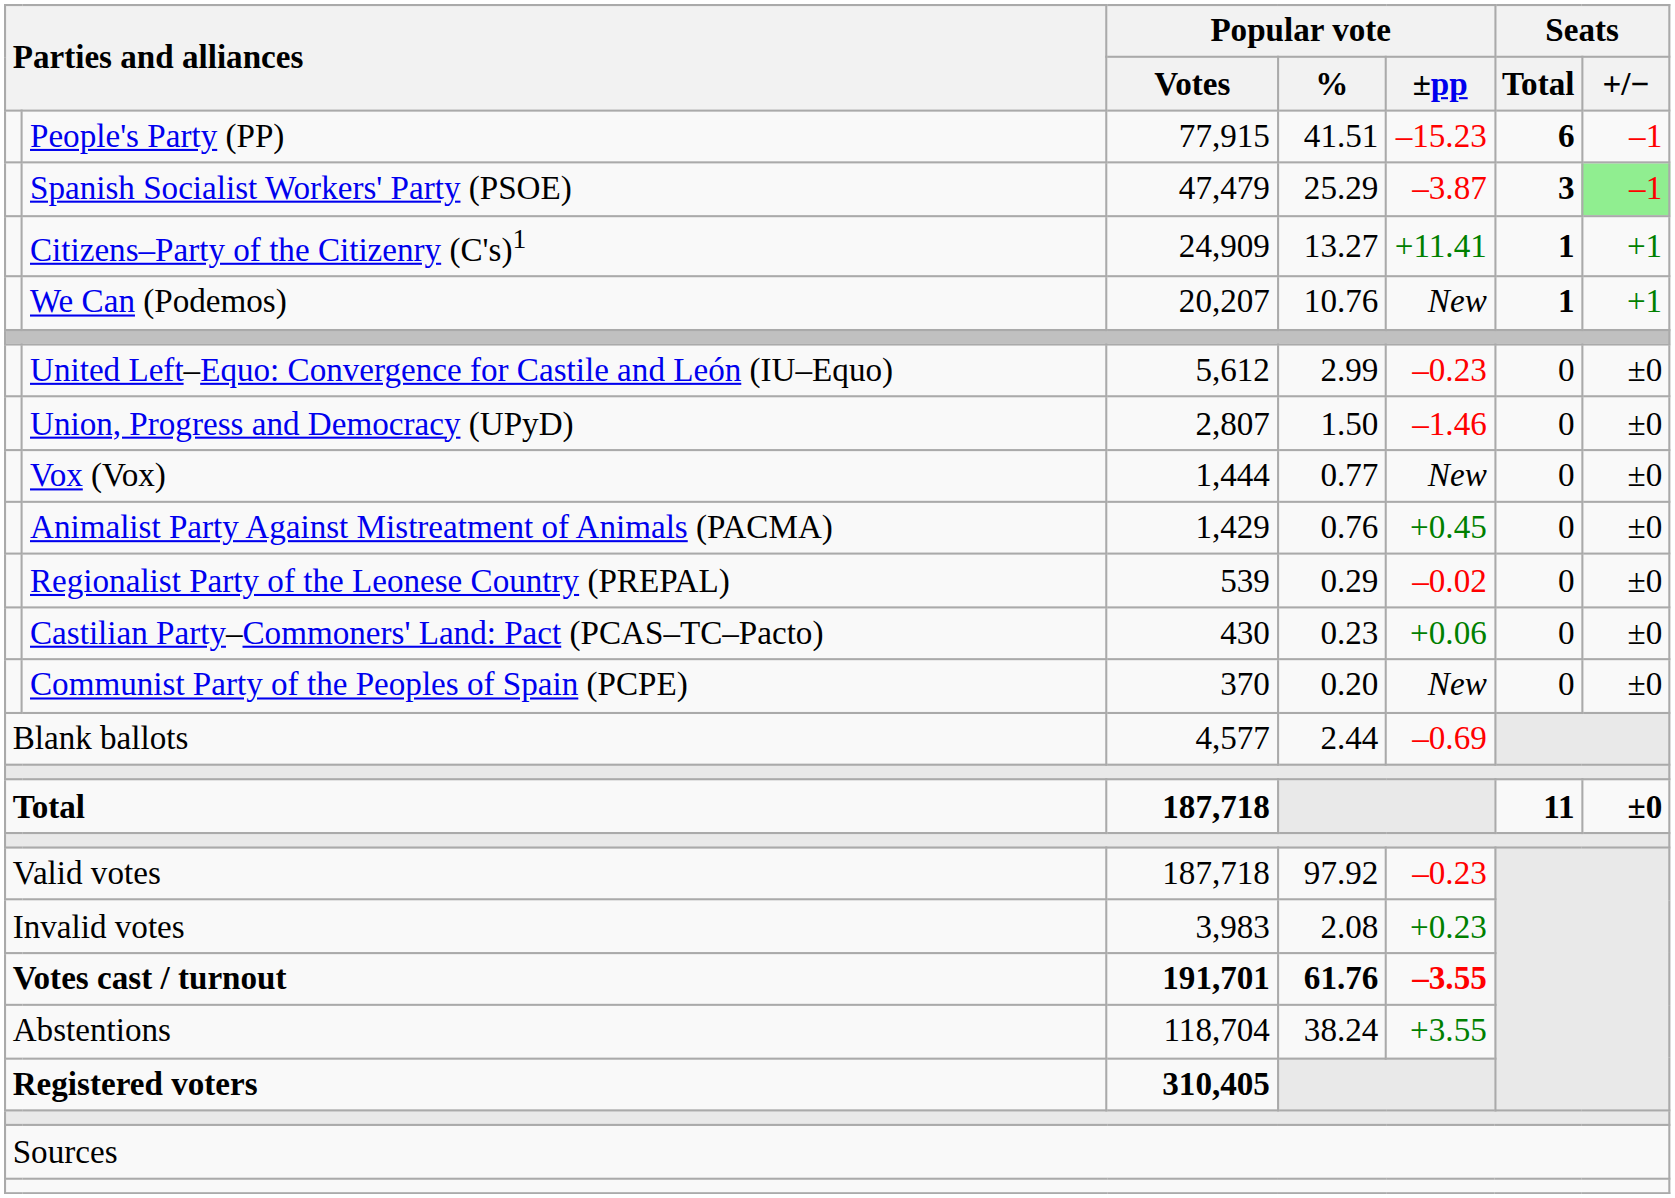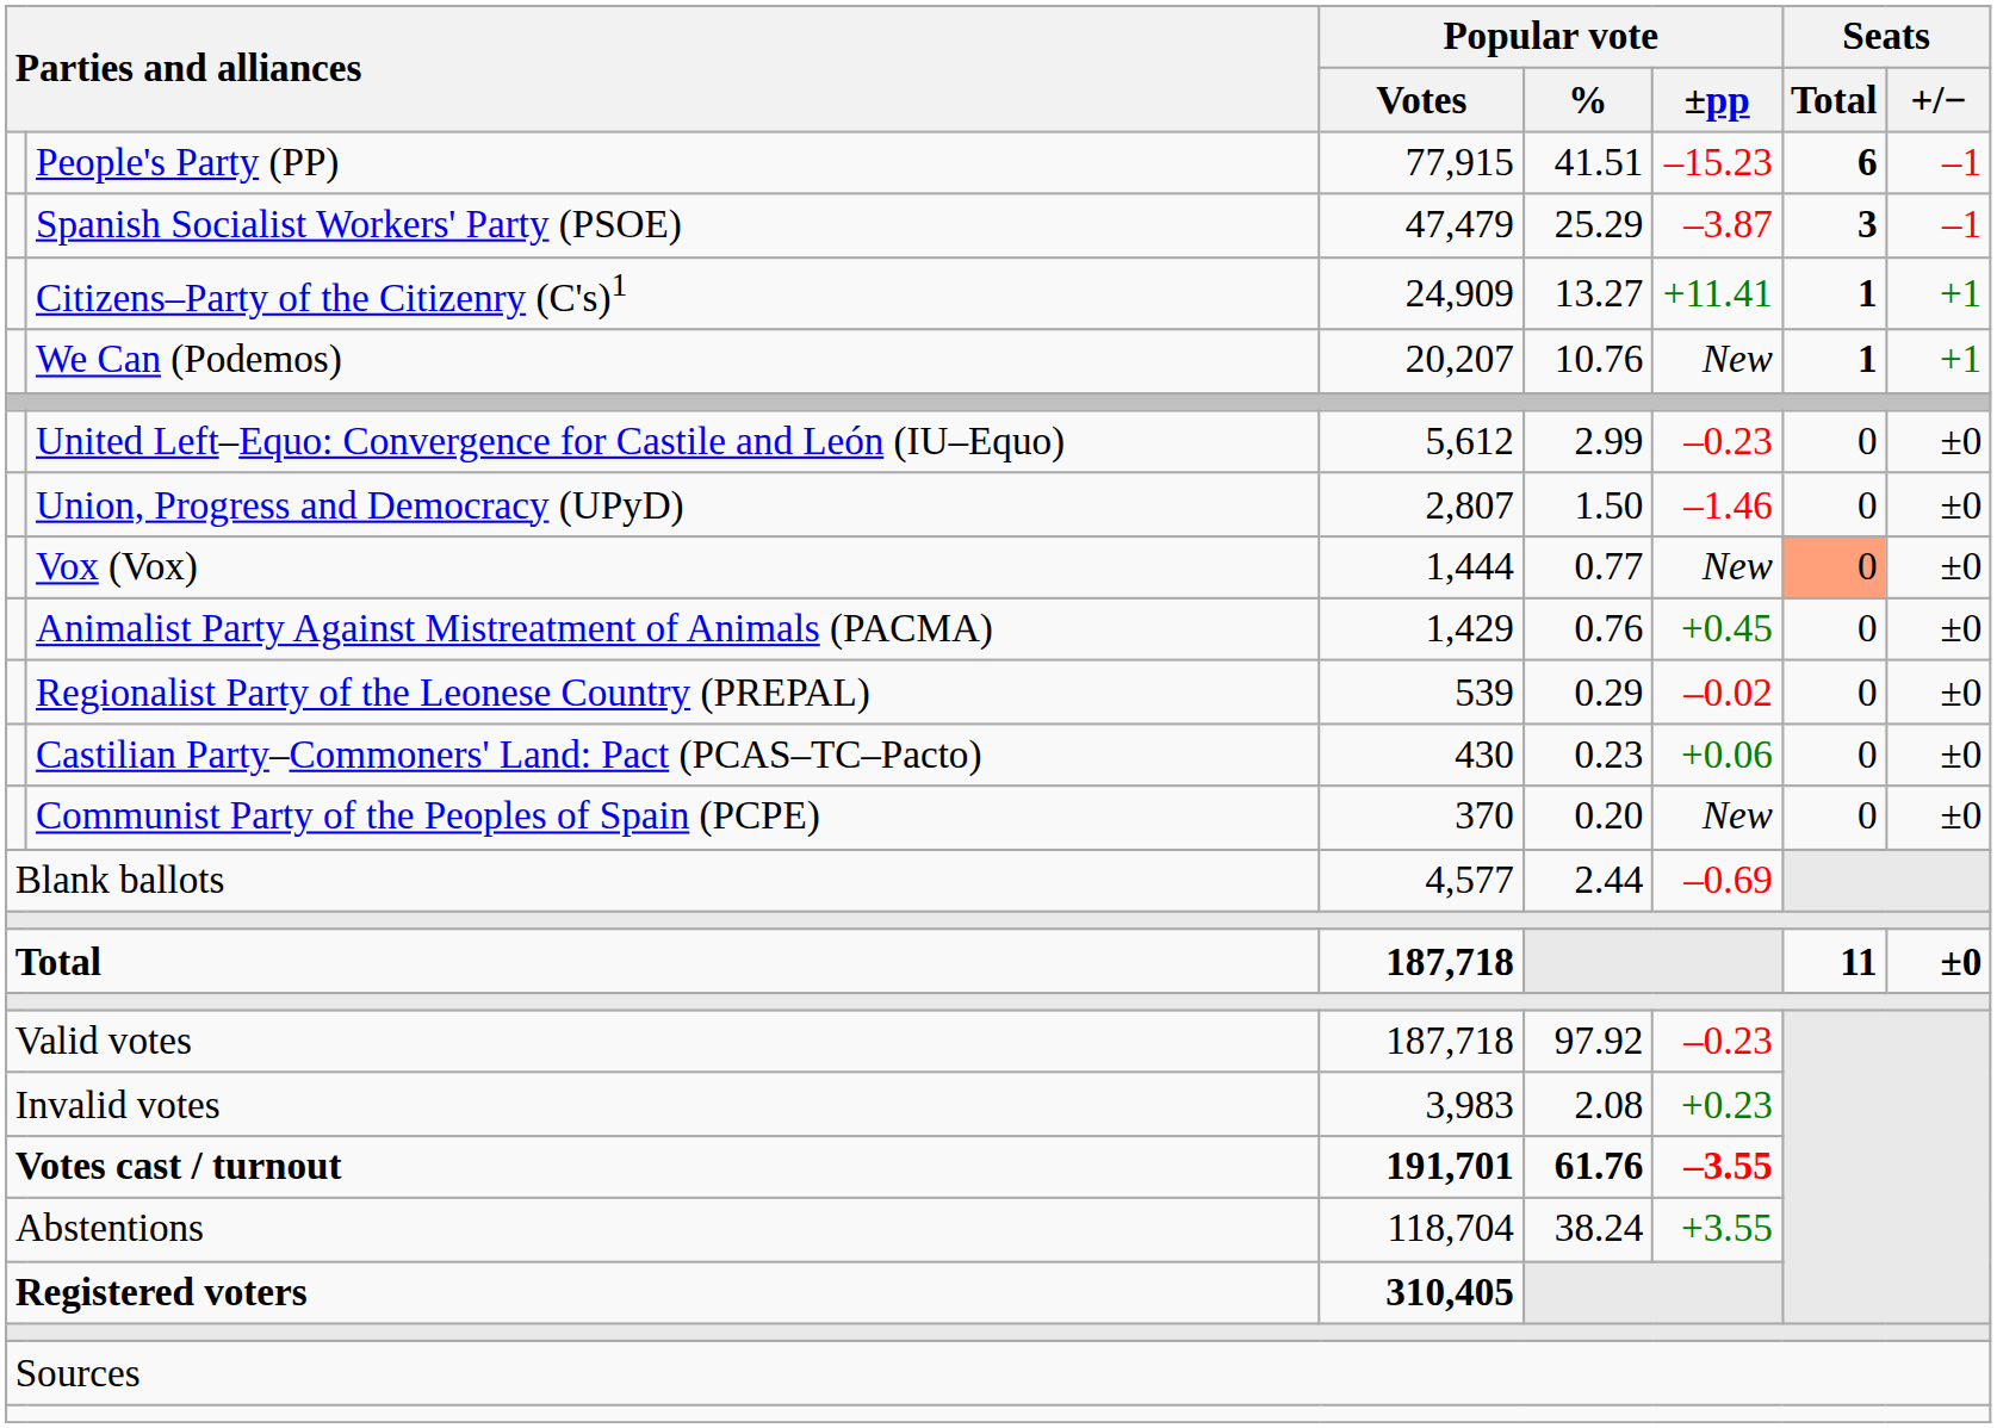 <table class="wikitable" style="text-align:right;">
 <tr>
 <th style="text-align:left;" rowspan="2" colspan="2" width="525">Parties and alliances</th>
 <th colspan="3">Popular vote</th>
 <th colspan="2">Seats</th>
 </tr>
 <tr>
 <th width="75">Votes</th>
 <th width="45">%</th>
 <th width="45">±<a href='#'>pp</a></th>
 <th width="35">Total</th>
 <th width="35">+/−</th>
 </tr>
 <tr>
 <td width="1" style="color:inherit;background:"></td>
 <td align="left"><a href='#'>People's Party</a> (PP)</td>
 <td>77,915</td>
 <td>41.51</td>
 <td style="color:red;">–15.23</td>
 <td><strong>6</strong></td>
 <td style="color:red;">–1</td>
 </tr>
 <tr>
 <td style="color:inherit;background:"></td>
 <td align="left"><a href='#'>Spanish Socialist Workers' Party</a> (PSOE)</td>
 <td>47,479</td>
 <td>25.29</td>
 <td style="color:red;">–3.87</td>
 <td><strong>3</strong></td>
-<td style="background: lightgreen; color:red;">–1</td>
+<td style="color:red;">–1</td>
 </tr>
 <tr>
 <td style="color:inherit;background:"></td>
 <td align="left"><a href='#'>Citizens–Party of the Citizenry</a> (C's)<sup>1</sup></td>
 <td>24,909</td>
 <td>13.27</td>
 <td style="color:green;">+11.41</td>
 <td><strong>1</strong></td>
 <td style="color:green;">+1</td>
 </tr>
 <tr>
 <td style="color:inherit;background:"></td>
 <td align="left"><a href='#'>We Can</a> (Podemos)</td>
 <td>20,207</td>
 <td>10.76</td>
 <td><em>New</em></td>
 <td><strong>1</strong></td>
 <td style="color:green;">+1</td>
 </tr>
 <tr>
 <td colspan="7" bgcolor="#C0C0C0"></td>
 </tr>
 <tr>
 <td style="color:inherit;background:"></td>
 <td align="left"><a href='#'>United Left</a>–<a href='#'>Equo: Convergence for Castile and León</a> (IU–Equo)</td>
 <td>5,612</td>
 <td>2.99</td>
 <td style="color:red;">–0.23</td>
 <td>0</td>
 <td>±0</td>
 </tr>
 <tr>
 <td style="color:inherit;background:"></td>
 <td align="left"><a href='#'>Union, Progress and Democracy</a> (UPyD)</td>
 <td>2,807</td>
 <td>1.50</td>
 <td style="color:red;">–1.46</td>
 <td>0</td>
 <td>±0</td>
 </tr>
 <tr>
 <td style="color:inherit;background:"></td>
 <td align="left"><a href='#'>Vox</a> (Vox)</td>
 <td>1,444</td>
 <td>0.77</td>
 <td><em>New</em></td>
-<td>0</td>
+<td style="background: lightsalmon;">0</td>
 <td>±0</td>
 </tr>
 <tr>
 <td style="color:inherit;background:"></td>
 <td align="left"><a href='#'>Animalist Party Against Mistreatment of Animals</a> (PACMA)</td>
 <td>1,429</td>
 <td>0.76</td>
 <td style="color:green;">+0.45</td>
 <td>0</td>
 <td>±0</td>
 </tr>
 <tr>
 <td style="color:inherit;background:"></td>
 <td align="left"><a href='#'>Regionalist Party of the Leonese Country</a> (PREPAL)</td>
 <td>539</td>
 <td>0.29</td>
 <td style="color:red;">–0.02</td>
 <td>0</td>
 <td>±0</td>
 </tr>
 <tr>
 <td style="color:inherit;background:"></td>
 <td align="left"><a href='#'>Castilian Party</a>–<a href='#'>Commoners' Land: Pact</a> (PCAS–TC–Pacto)</td>
 <td>430</td>
 <td>0.23</td>
 <td style="color:green;">+0.06</td>
 <td>0</td>
 <td>±0</td>
 </tr>
 <tr>
 <td style="color:inherit;background:"></td>
 <td align="left"><a href='#'>Communist Party of the Peoples of Spain</a> (PCPE)</td>
 <td>370</td>
 <td>0.20</td>
 <td><em>New</em></td>
 <td>0</td>
 <td>±0</td>
 </tr>
 <tr>
 <td align="left" colspan="2">Blank ballots</td>
 <td>4,577</td>
 <td>2.44</td>
 <td style="color:red;">–0.69</td>
 <td bgcolor="#E9E9E9" colspan="2"></td>
 </tr>
 <tr>
 <td colspan="7" bgcolor="#E9E9E9"></td>
 </tr>
 <tr style="font-weight:bold;">
 <td align="left" colspan="2">Total</td>
 <td>187,718</td>
 <td bgcolor="#E9E9E9" colspan="2"></td>
 <td>11</td>
 <td>±0</td>
 </tr>
 <tr>
 <td colspan="7" bgcolor="#E9E9E9"></td>
 </tr>
 <tr>
 <td align="left" colspan="2">Valid votes</td>
 <td>187,718</td>
 <td>97.92</td>
 <td style="color:red;">–0.23</td>
 <td bgcolor="#E9E9E9" colspan="2" rowspan="5"></td>
 </tr>
 <tr>
 <td align="left" colspan="2">Invalid votes</td>
 <td>3,983</td>
 <td>2.08</td>
 <td style="color:green;">+0.23</td>
 </tr>
 <tr style="font-weight:bold;">
 <td align="left" colspan="2">Votes cast / turnout</td>
 <td>191,701</td>
 <td>61.76</td>
 <td style="color:red;">–3.55</td>
 </tr>
 <tr>
 <td align="left" colspan="2">Abstentions</td>
 <td>118,704</td>
 <td>38.24</td>
 <td style="color:green;">+3.55</td>
 </tr>
 <tr style="font-weight:bold;">
 <td align="left" colspan="2">Registered voters</td>
 <td>310,405</td>
 <td bgcolor="#E9E9E9" colspan="2"></td>
 </tr>
 <tr>
 <td colspan="7" bgcolor="#E9E9E9"></td>
 </tr>
 <tr>
 <td align="left" colspan="7">Sources</td>
 </tr>
 <tr>
 <td colspan="7" style="text-align:left; max-width:790px;"></td>
 </tr>
 </table>
